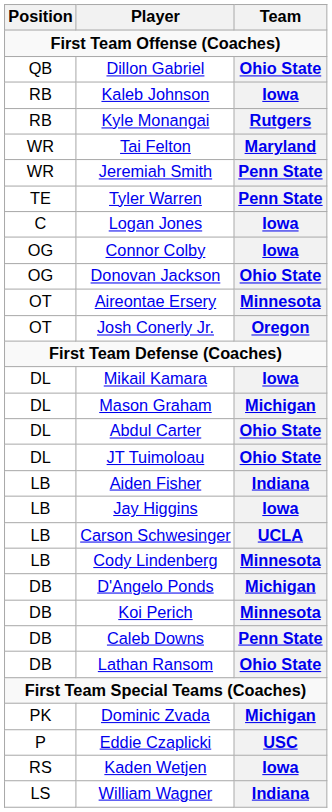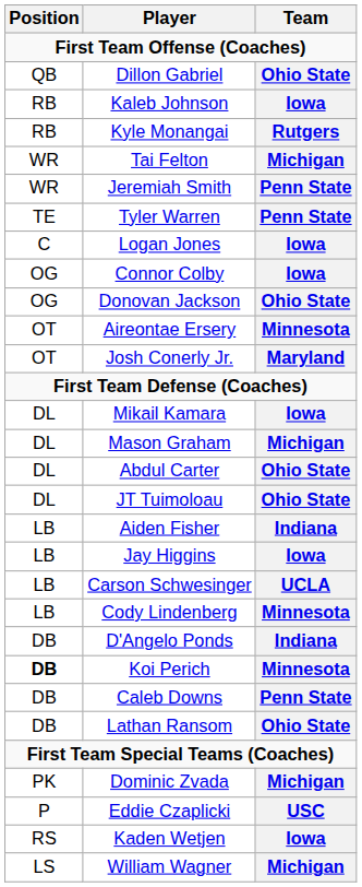 <table class="wikitable sortable">
 <tr>
 <th>Position</th>
 <th>Player</th>
 <th>Team</th>
 </tr>
 <tr>
 <td colspan="3" style="text-align:center; "><strong>First Team Offense (Coaches)</strong></td>
 </tr>
 <tr style="text-align:center;">
 <td style="background:white">QB</td>
 <td style="background:white"><a href='#'>Dillon Gabriel</a></td>
 <th><a href='#'>Ohio State</a></th>
 </tr>
 <tr style="text-align:center;">
 <td style="background:white">RB</td>
 <td style="background:white"><a href='#'>Kaleb Johnson</a></td>
 <th><a href='#'>Iowa</a></th>
 </tr>
 <tr style="text-align:center;">
 <td style="background:white">RB</td>
 <td style="background:white"><a href='#'>Kyle Monangai</a></td>
 <th><a href='#'>Rutgers</a></th>
 </tr>
 <tr style="text-align:center;">
 <td style="background:white">WR</td>
 <td style="background:white"><a href='#'>Tai Felton</a></td>
-<th><a href='#'>Maryland</a></th>
+<th><a href='#'>Michigan</a></th>
 </tr>
 <tr style="text-align:center;">
 <td style="background:white">WR</td>
 <td style="background:white"><a href='#'>Jeremiah Smith</a></td>
 <th><a href='#'>Penn State</a></th>
 </tr>
 <tr style="text-align:center;">
 <td style="background:white">TE</td>
 <td style="background:white"><a href='#'>Tyler Warren</a></td>
 <th><a href='#'>Penn State</a></th>
 </tr>
 <tr style="text-align:center;">
 <td style="background:white">C</td>
 <td style="background:white"><a href='#'>Logan Jones</a></td>
 <th><a href='#'>Iowa</a></th>
 </tr>
 <tr style="text-align:center;">
 <td style="background:white">OG</td>
 <td style="background:white"><a href='#'>Connor Colby</a></td>
 <th><a href='#'>Iowa</a></th>
 </tr>
 <tr style="text-align:center;">
 <td style="background:white">OG</td>
 <td style="background:white"><a href='#'>Donovan Jackson</a></td>
 <th><a href='#'>Ohio State</a></th>
 </tr>
 <tr style="text-align:center;">
 <td style="background:white">OT</td>
 <td style="background:white"><a href='#'>Aireontae Ersery</a></td>
 <th><a href='#'>Minnesota</a></th>
 </tr>
 <tr style="text-align:center;">
 <td style="background:white">OT</td>
 <td style="background:white"><a href='#'>Josh Conerly Jr.</a></td>
-<th><a href='#'>Oregon</a></th>
+<th><a href='#'>Maryland</a></th>
 </tr>
 <tr>
 <td colspan="3" style="text-align:center; "><strong>First Team Defense (Coaches)</strong></td>
 </tr>
 <tr style="text-align:center;">
 <td style="background:white">DL</td>
 <td style="background:white"><a href='#'>Mikail Kamara</a></td>
 <th><a href='#'>Iowa</a></th>
 </tr>
 <tr style="text-align:center;">
 <td style="background:white">DL</td>
 <td style="background:white"><a href='#'>Mason Graham</a></td>
 <th><a href='#'>Michigan</a></th>
 </tr>
 <tr style="text-align:center;">
 <td style="background:white">DL</td>
 <td style="background:white"><a href='#'>Abdul Carter</a></td>
 <th><a href='#'>Ohio State</a></th>
 </tr>
 <tr style="text-align:center;">
 <td style="background:white">DL</td>
 <td style="background:white"><a href='#'>JT Tuimoloau</a></td>
 <th><a href='#'>Ohio State</a></th>
 </tr>
 <tr style="text-align:center;">
 <td style="background:white">LB</td>
 <td style="background:white"><a href='#'>Aiden Fisher</a></td>
 <th><a href='#'>Indiana</a></th>
 </tr>
 <tr style="text-align:center;">
 <td style="background:white">LB</td>
 <td style="background:white"><a href='#'>Jay Higgins</a></td>
 <th><a href='#'>Iowa</a></th>
 </tr>
 <tr style="text-align:center;">
 <td style="background:white">LB</td>
 <td style="background:white"><a href='#'>Carson Schwesinger</a></td>
 <th><a href='#'>UCLA</a></th>
 </tr>
 <tr style="text-align:center;">
 <td style="background:white">LB</td>
 <td style="background:white"><a href='#'>Cody Lindenberg</a></td>
 <th><a href='#'>Minnesota</a></th>
 </tr>
 <tr style="text-align:center;">
 <td style="background:white">DB</td>
 <td style="background:white"><a href='#'>D'Angelo Ponds</a></td>
-<th><a href='#'>Michigan</a></th>
+<th><a href='#'>Indiana</a></th>
 </tr>
 <tr style="text-align:center;">
-<td style="background:white">DB</td>
+<td style="background:white"><strong>DB</strong></td>
 <td style="background:white"><a href='#'>Koi Perich</a></td>
 <th><a href='#'>Minnesota</a></th>
 </tr>
 <tr style="text-align:center;">
 <td style="background:white">DB</td>
 <td style="background:white"><a href='#'>Caleb Downs</a></td>
 <th><a href='#'>Penn State</a></th>
 </tr>
 <tr style="text-align:center;">
 <td style="background:white">DB</td>
 <td style="background:white"><a href='#'>Lathan Ransom</a></td>
 <th><a href='#'>Ohio State</a></th>
 </tr>
 <tr>
 <td colspan="3" style="text-align:center; "><strong>First Team Special Teams (Coaches)</strong></td>
 </tr>
 <tr style="text-align:center;">
 <td style="background:white">PK</td>
 <td style="background:white"><a href='#'>Dominic Zvada</a></td>
 <th><a href='#'>Michigan</a></th>
 </tr>
 <tr style="text-align:center;">
 <td style="background:white">P</td>
 <td style="background:white"><a href='#'>Eddie Czaplicki</a></td>
 <th><a href='#'>USC</a></th>
 </tr>
 <tr style="text-align:center;">
 <td style="background:white">RS</td>
 <td style="background:white"><a href='#'>Kaden Wetjen</a></td>
 <th><a href='#'>Iowa</a></th>
 </tr>
 <tr style="text-align:center;">
 <td style="background:white">LS</td>
 <td style="background:white"><a href='#'>William Wagner</a></td>
-<th><a href='#'>Indiana</a></th>
+<th><a href='#'>Michigan</a></th>
 </tr>
 </table>
